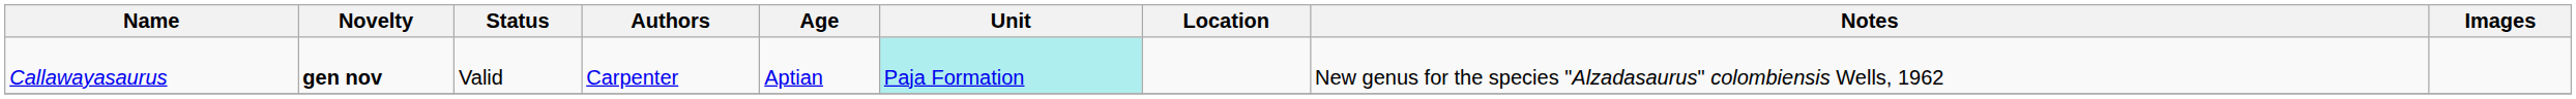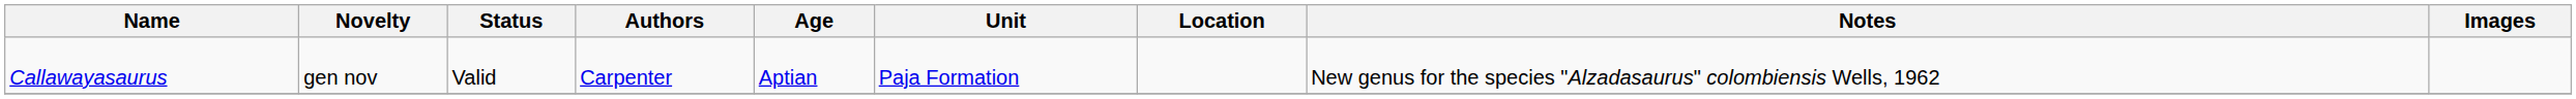 <table class="wikitable sortable" align="center" width="100%">
 <tr>
 <th>Name</th>
 <th>Novelty</th>
 <th>Status</th>
 <th>Authors</th>
 <th>Age</th>
 <th>Unit</th>
 <th>Location</th>
 <th>Notes</th>
 <th>Images</th>
 </tr>
 <tr>
 <td><br><em><a href='#'>Callawayasaurus</a></em></td>
-<td><strong><br>gen nov</strong></td>
+<td><br>gen nov</td>
 <td><br>Valid</td>
 <td><br><a href='#'>Carpenter</a></td>
 <td><br><a href='#'>Aptian</a></td>
-<td style="background: paleturquoise;"><br><a href='#'>Paja Formation</a></td>
+<td><br><a href='#'>Paja Formation</a></td>
 <td><br></td>
 <td><br>New genus for the species "<em>Alzadasaurus</em>" <em>colombiensis</em> Wells, 1962</td>
 <td></td>
 </tr>
 <tr>
 </tr>
 </table>
